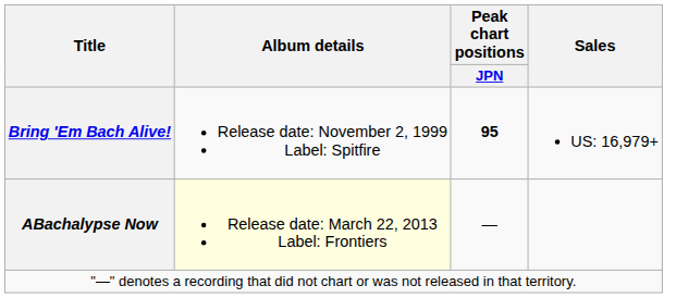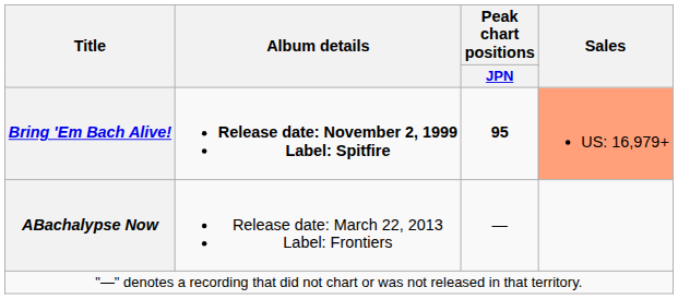 <table class="wikitable plainrowheaders" style="text-align:center;">
 <tr>
 <th scope="col" rowspan="2">Title</th>
 <th scope="col" rowspan="2">Album details</th>
 <th scope="col">Peak chart positions</th>
 <th scope="col" rowspan="2">Sales</th>
 </tr>
 <tr>
 <th scope="col" style="width:3em;font-size:90%;"><a href='#'>JPN</a><br></th>
 </tr>
 <tr>
 <th scope="row"><em><a href='#'>Bring 'Em Bach Alive!</a></em></th>
-<td><br><ul><li>Release date: November 2, 1999</li><li>Label: Spitfire</li></ul></td>
+<td><strong><br><ul><li>Release date: November 2, 1999</li><li>Label: Spitfire</li></ul></strong></td>
 <td><strong>95</strong></td>
-<td><br><ul><li>US: 16,979+</li></ul></td>
+<td style="background: lightsalmon;"><br><ul><li>US: 16,979+</li></ul></td>
 </tr>
 <tr>
 <th scope="row"><em>ABachalypse Now</em></th>
-<td style="background: lightyellow;"><br><ul><li>Release date: March 22, 2013</li><li>Label: Frontiers</li></ul></td>
+<td><br><ul><li>Release date: March 22, 2013</li><li>Label: Frontiers</li></ul></td>
 <td>—</td>
 <td></td>
 </tr>
 <tr>
 <td colspan="15" style="font-size:90%">"—" denotes a recording that did not chart or was not released in that territory.</td>
 </tr>
 </table>
